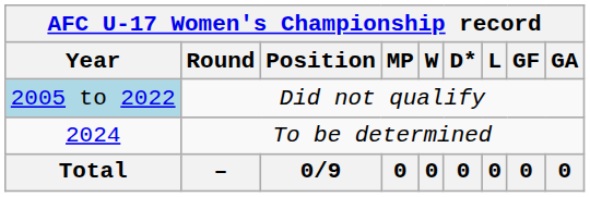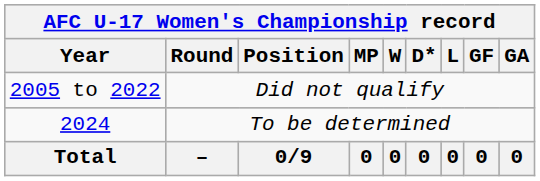 <table class="wikitable" style="text-align: center;">
 <tr>
 <th colspan=10><a href='#'>AFC U-17 Women's Championship</a> record</th>
 </tr>
 <tr>
 <th>Year</th>
 <th>Round</th>
 <th>Position</th>
 <th>MP</th>
 <th>W</th>
 <th>D*</th>
 <th>L</th>
 <th>GF</th>
 <th>GA</th>
 </tr>
 <tr>
-<td style="background: lightblue;"> <a href='#'>2005</a> to   <a href='#'>2022</a></td>
+<td> <a href='#'>2005</a> to   <a href='#'>2022</a></td>
 <td colspan=9><em>Did not qualify</em></td>
 </tr>
 <tr>
 <td> <a href='#'>2024</a></td>
 <td colspan=9><em> To be determined </em></td>
 </tr>
 <tr>
 <th>Total</th>
 <th>–</th>
 <th>0/9</th>
 <th>0</th>
 <th>0</th>
 <th>0</th>
 <th>0</th>
 <th>0</th>
 <th>0</th>
 </tr>
 </table>
